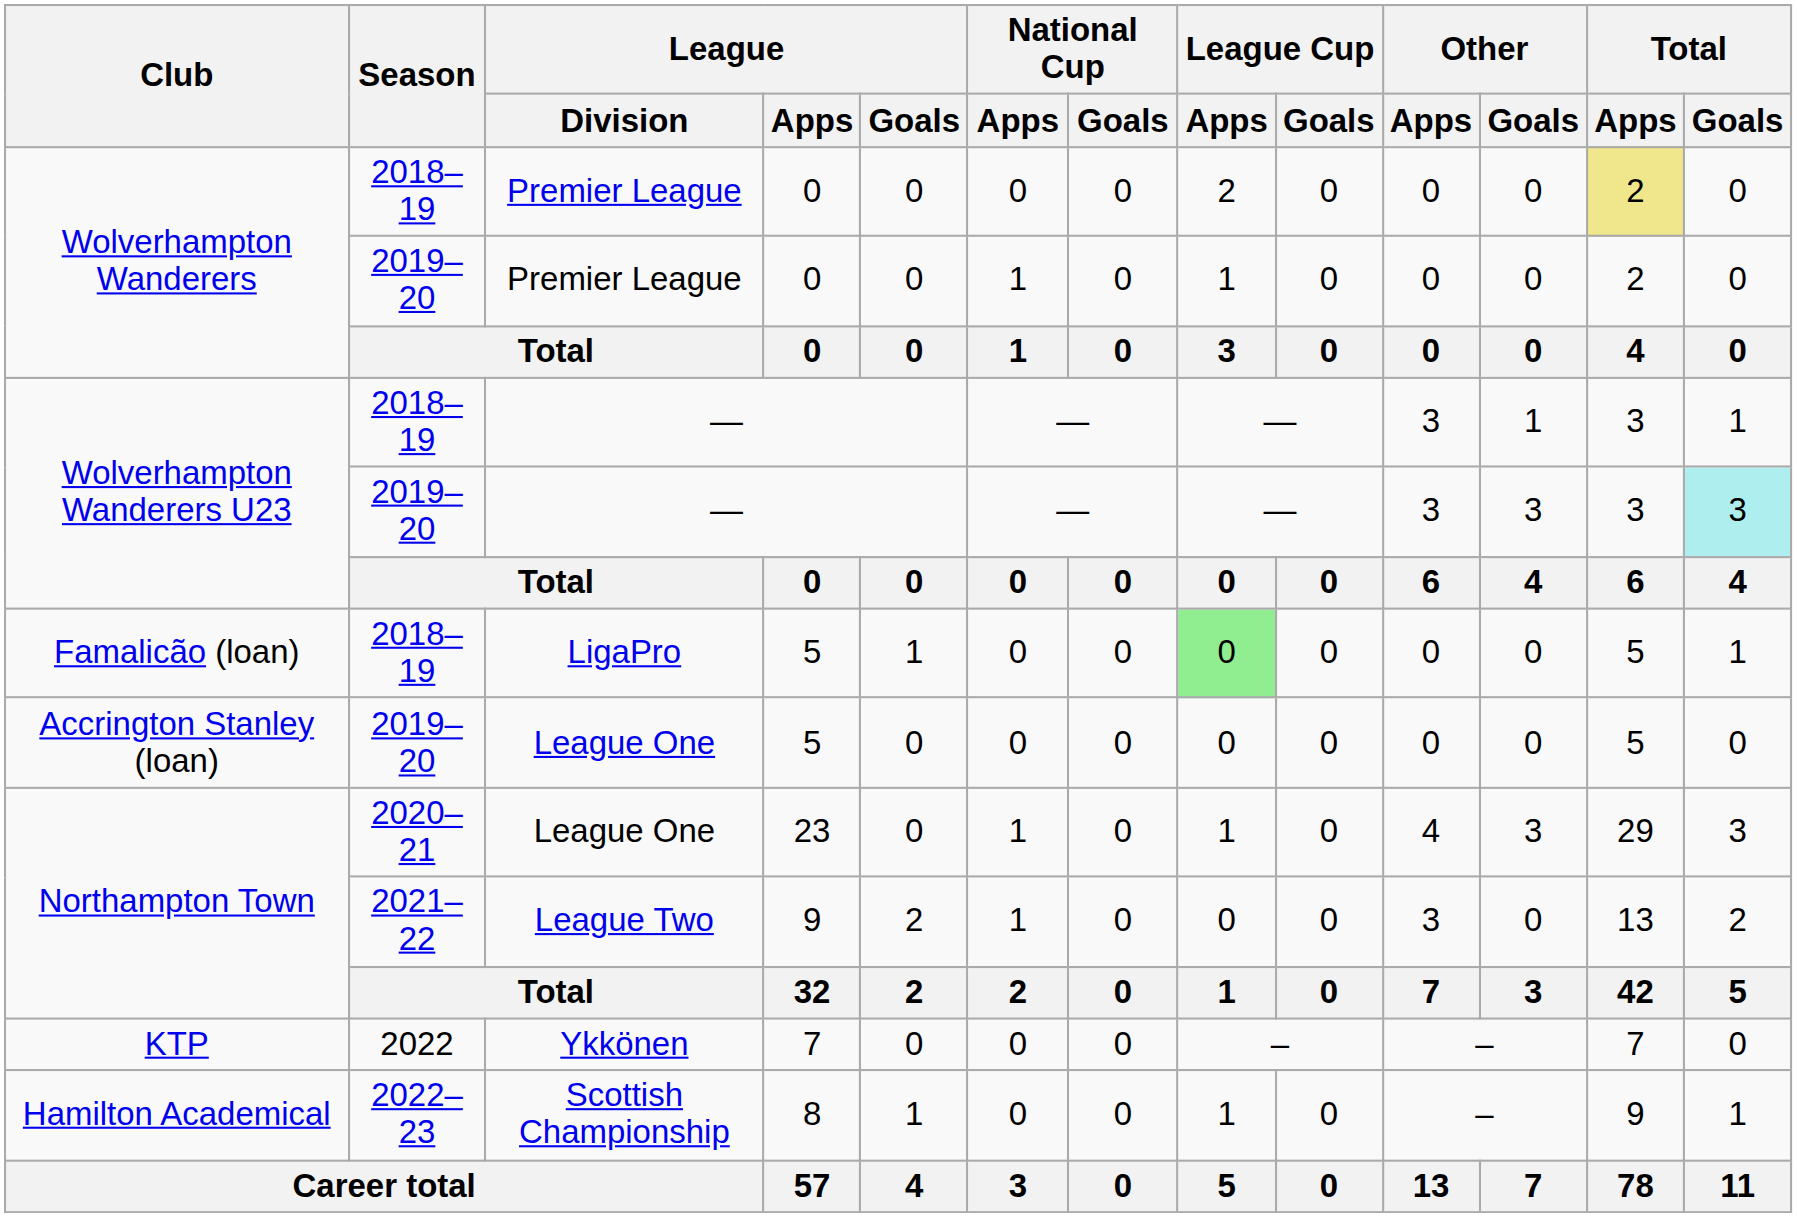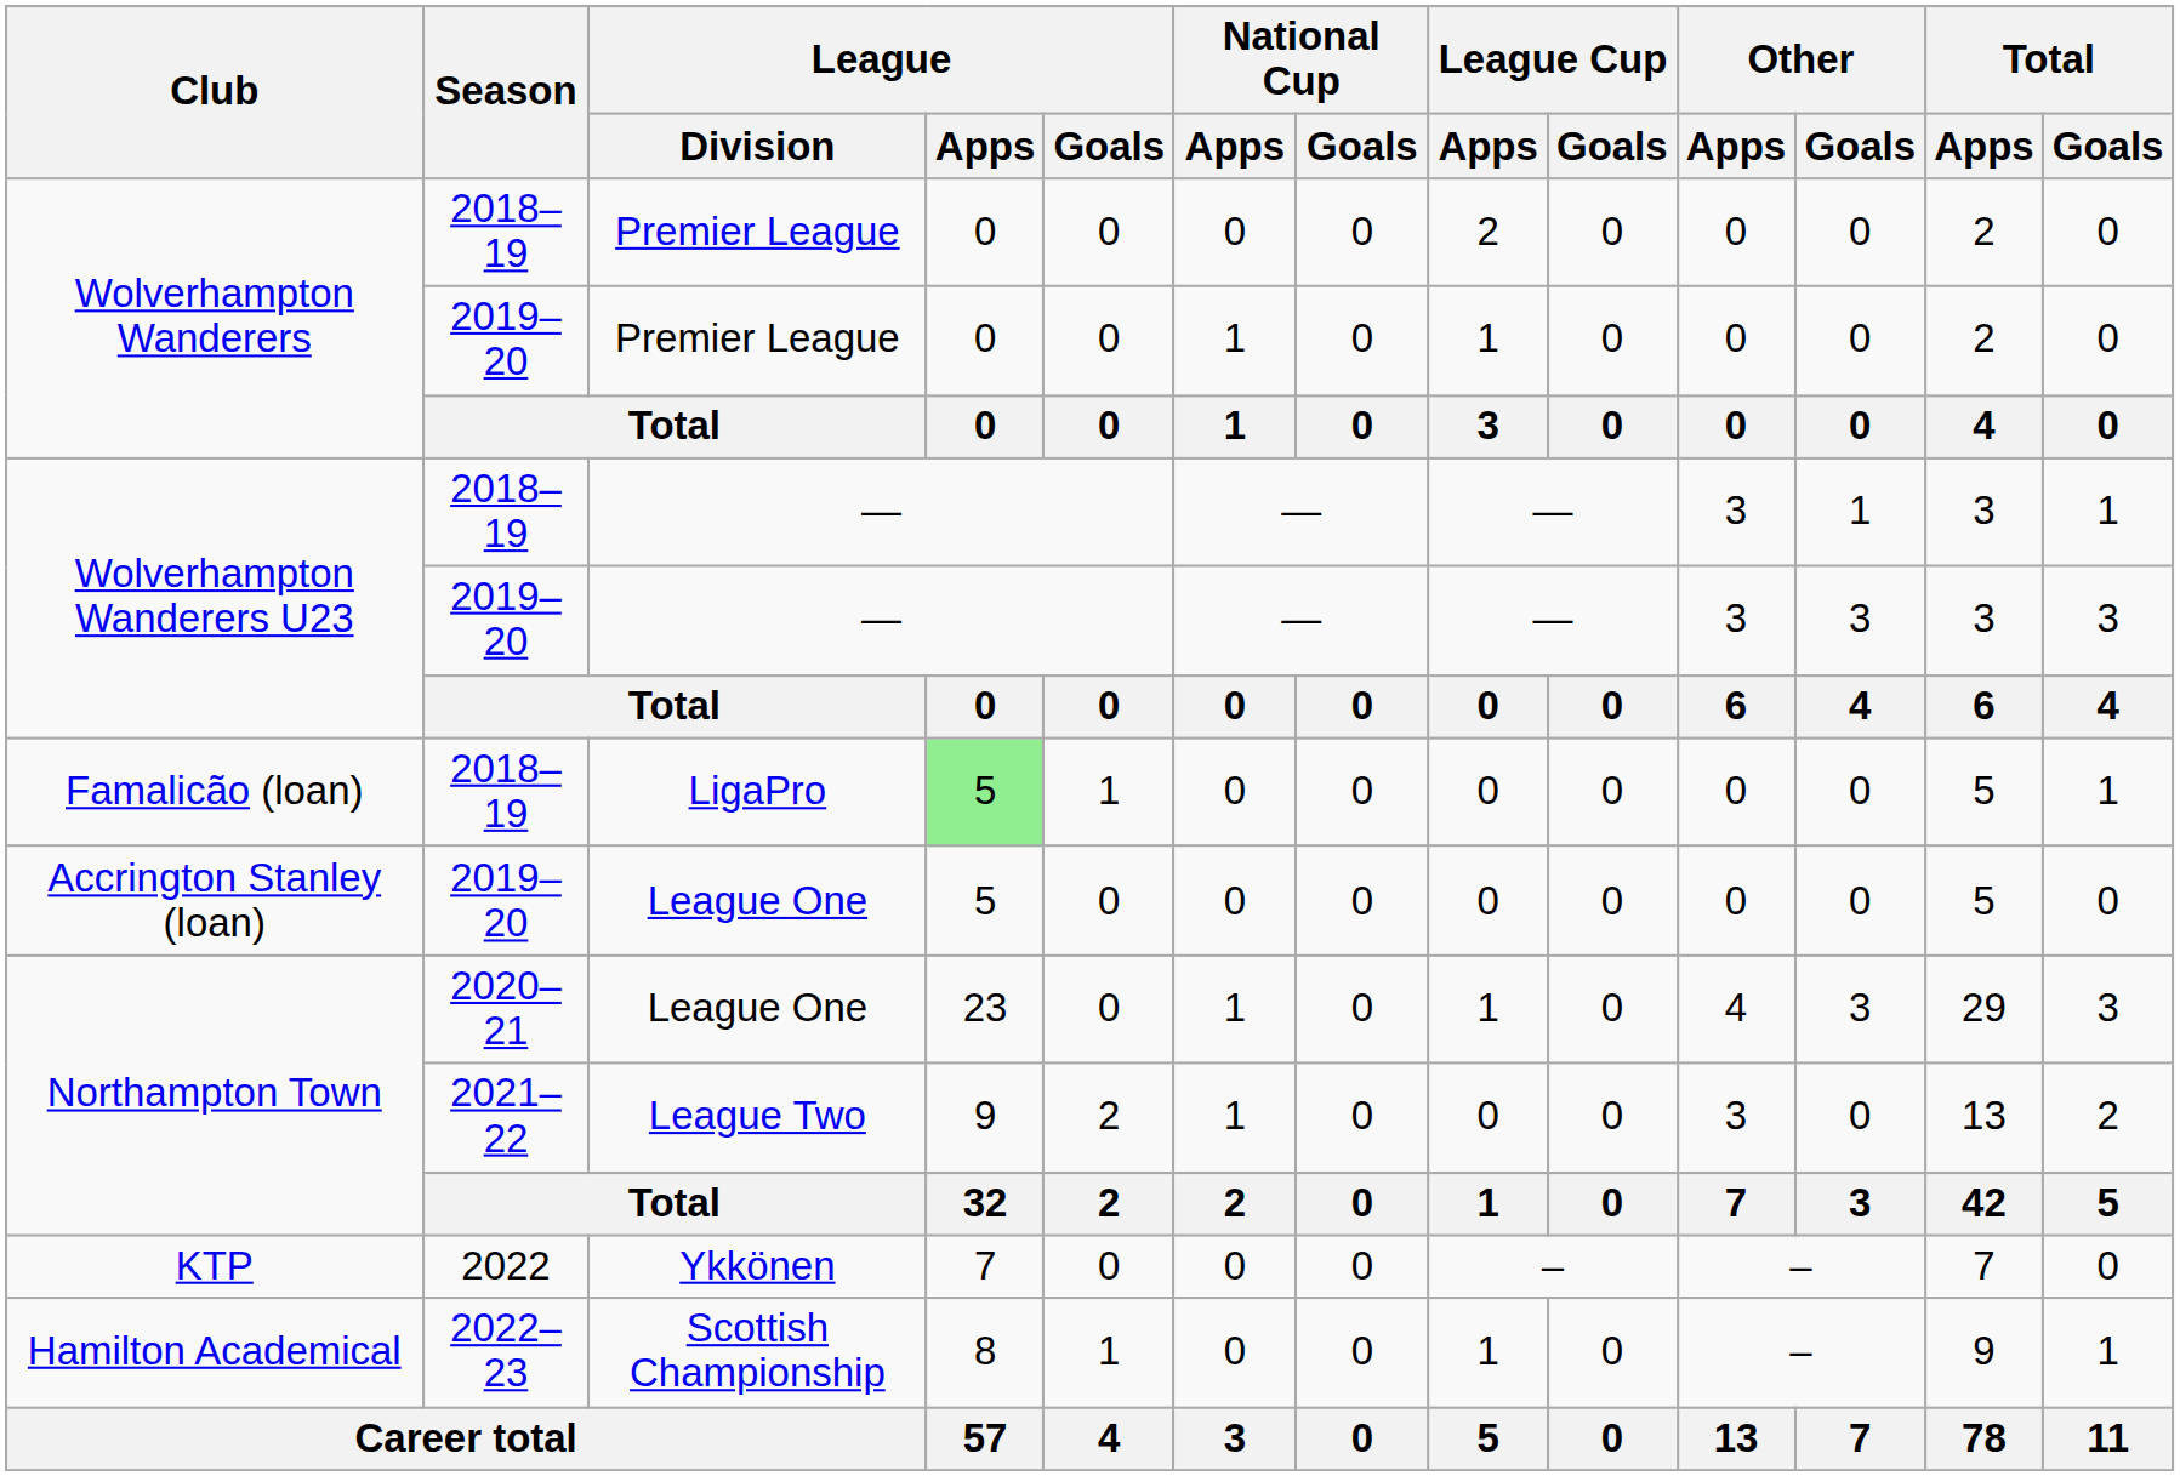 <table class="wikitable" style="text-align:center">
 <tr>
 <th rowspan="2">Club</th>
 <th rowspan="2">Season</th>
 <th colspan="3">League</th>
 <th colspan="2">National Cup</th>
 <th colspan="2">League Cup</th>
 <th colspan="2">Other</th>
 <th colspan="2">Total</th>
 </tr>
 <tr>
 <th>Division</th>
 <th>Apps</th>
 <th>Goals</th>
 <th>Apps</th>
 <th>Goals</th>
 <th>Apps</th>
 <th>Goals</th>
 <th>Apps</th>
 <th>Goals</th>
 <th>Apps</th>
 <th>Goals</th>
 </tr>
 <tr>
 <td rowspan="3"><a href='#'>Wolverhampton Wanderers</a></td>
 <td><a href='#'>2018–19</a></td>
 <td><a href='#'>Premier League</a></td>
 <td>0</td>
 <td>0</td>
 <td>0</td>
 <td>0</td>
 <td>2</td>
 <td>0</td>
 <td>0</td>
 <td>0</td>
-<td style="background: khaki;">2</td>
+<td>2</td>
 <td>0</td>
 </tr>
 <tr>
 <td><a href='#'>2019–20</a></td>
 <td>Premier League</td>
 <td>0</td>
 <td>0</td>
 <td>1</td>
 <td>0</td>
 <td>1</td>
 <td>0</td>
 <td>0</td>
 <td>0</td>
 <td>2</td>
 <td>0</td>
 </tr>
 <tr>
 <th colspan="2">Total</th>
 <th>0</th>
 <th>0</th>
 <th>1</th>
 <th>0</th>
 <th>3</th>
 <th>0</th>
 <th>0</th>
 <th>0</th>
 <th>4</th>
 <th>0</th>
 </tr>
 <tr>
 <td rowspan="3"><a href='#'>Wolverhampton Wanderers U23</a></td>
 <td><a href='#'>2018–19</a></td>
 <td colspan=3>—</td>
 <td colspan="2">—</td>
 <td colspan="2">—</td>
 <td>3</td>
 <td>1</td>
 <td>3</td>
 <td>1</td>
 </tr>
 <tr>
 <td><a href='#'>2019–20</a></td>
 <td colspan=3>—</td>
 <td colspan="2">—</td>
 <td colspan="2">—</td>
 <td>3</td>
 <td>3</td>
 <td>3</td>
-<td style="background: paleturquoise;">3</td>
+<td>3</td>
 </tr>
 <tr>
 <th colspan="2">Total</th>
 <th>0</th>
 <th>0</th>
 <th>0</th>
 <th>0</th>
 <th>0</th>
 <th>0</th>
 <th>6</th>
 <th>4</th>
 <th>6</th>
 <th>4</th>
 </tr>
 <tr>
 <td><a href='#'>Famalicão</a> (loan)</td>
 <td><a href='#'>2018–19</a></td>
 <td><a href='#'>LigaPro</a></td>
-<td>5</td>
+<td style="background: lightgreen;">5</td>
 <td>1</td>
 <td>0</td>
 <td>0</td>
-<td style="background: lightgreen;">0</td>
+<td>0</td>
 <td>0</td>
 <td>0</td>
 <td>0</td>
 <td>5</td>
 <td>1</td>
 </tr>
 <tr>
 <td><a href='#'>Accrington Stanley</a> (loan)</td>
 <td><a href='#'>2019–20</a></td>
 <td><a href='#'>League One</a></td>
 <td>5</td>
 <td>0</td>
 <td>0</td>
 <td>0</td>
 <td>0</td>
 <td>0</td>
 <td>0</td>
 <td>0</td>
 <td>5</td>
 <td>0</td>
 </tr>
 <tr>
 <td rowspan=3><a href='#'>Northampton Town</a></td>
 <td><a href='#'>2020–21</a></td>
 <td>League One</td>
 <td>23</td>
 <td>0</td>
 <td>1</td>
 <td>0</td>
 <td>1</td>
 <td>0</td>
 <td>4</td>
 <td>3</td>
 <td>29</td>
 <td>3</td>
 </tr>
 <tr>
 <td><a href='#'>2021–22</a></td>
 <td><a href='#'>League Two</a></td>
 <td>9</td>
 <td>2</td>
 <td>1</td>
 <td>0</td>
 <td>0</td>
 <td>0</td>
 <td>3</td>
 <td>0</td>
 <td>13</td>
 <td>2</td>
 </tr>
 <tr>
 <th colspan=2>Total</th>
 <th>32</th>
 <th>2</th>
 <th>2</th>
 <th>0</th>
 <th>1</th>
 <th>0</th>
 <th>7</th>
 <th>3</th>
 <th>42</th>
 <th>5</th>
 </tr>
 <tr>
 <td><a href='#'>KTP</a></td>
 <td>2022</td>
 <td><a href='#'>Ykkönen</a></td>
 <td>7</td>
 <td>0</td>
 <td>0</td>
 <td>0</td>
 <td colspan=2>–</td>
 <td colspan=2>–</td>
 <td>7</td>
 <td>0</td>
 </tr>
 <tr>
 <td><a href='#'>Hamilton Academical</a></td>
 <td><a href='#'>2022–23</a></td>
 <td><a href='#'>Scottish Championship</a></td>
 <td>8</td>
 <td>1</td>
 <td>0</td>
 <td>0</td>
 <td>1</td>
 <td>0</td>
 <td colspan=2>–</td>
 <td>9</td>
 <td>1</td>
 </tr>
 <tr>
 <th colspan="3">Career total</th>
 <th>57</th>
 <th>4</th>
 <th>3</th>
 <th>0</th>
 <th>5</th>
 <th>0</th>
 <th>13</th>
 <th>7</th>
 <th>78</th>
 <th>11</th>
 </tr>
 </table>
